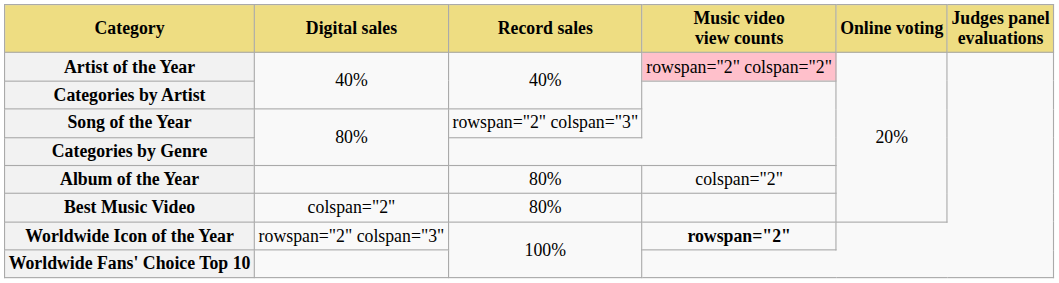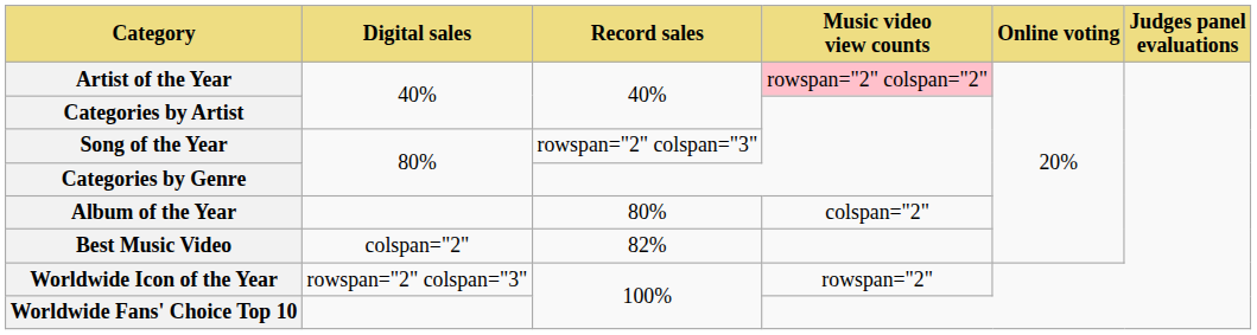 <table class="wikitable" style="text-align:center">
 <tr>
 <th scope="col" style="background-color:#EEDD82">Category</th>
 <th scope="col" style="background-color:#EEDD82">Digital sales<br></th>
 <th scope="col" style="background-color:#EEDD82">Record sales</th>
 <th scope="col" style="background-color:#EEDD82">Music video<br>view counts</th>
 <th scope="col" style="background-color:#EEDD82">Online voting</th>
 <th scope="col" style="background-color:#EEDD82">Judges panel<br>evaluations</th>
 </tr>
 <tr>
 <th scope="col">Artist of the Year</th>
 <td rowspan="2">40%<br></td>
 <td rowspan="2">40%</td>
 <td style="background: pink;">rowspan="2" colspan="2" </td>
 <td rowspan="6">20%</td>
 </tr>
 <tr>
 <th scope="col">Categories by Artist</th>
 </tr>
 <tr>
 <th scope="col">Song of the Year</th>
 <td rowspan="2">80%<br></td>
 <td>rowspan="2" colspan="3" </td>
 </tr>
 <tr>
 <th scope="col">Categories by Genre</th>
 </tr>
 <tr>
 <th scope="col">Album of the Year</th>
 <td></td>
 <td>80%</td>
 <td>colspan="2" </td>
 </tr>
 <tr>
 <th scope="col">Best Music Video</th>
 <td>colspan="2" </td>
-<td>80%</td>
+<td>82%</td>
 <td></td>
 </tr>
 <tr>
 <th scope="col">Worldwide Icon of the Year</th>
 <td>rowspan="2" colspan="3" </td>
 <td rowspan="2">100%<br></td>
-<td><strong>rowspan="2" </strong></td>
+<td>rowspan="2" </td>
 </tr>
 <tr>
 <th scope="col">Worldwide Fans' Choice Top 10</th>
 </tr>
 </table>
